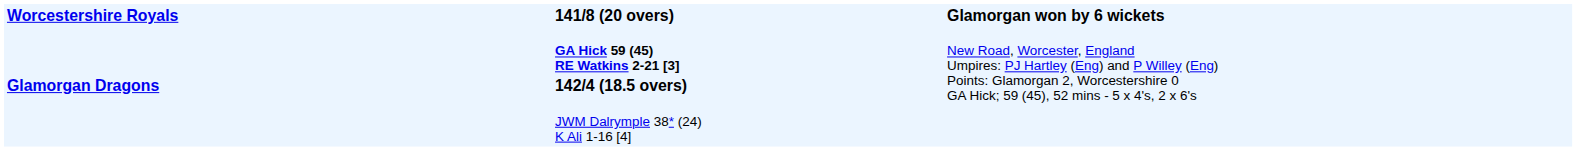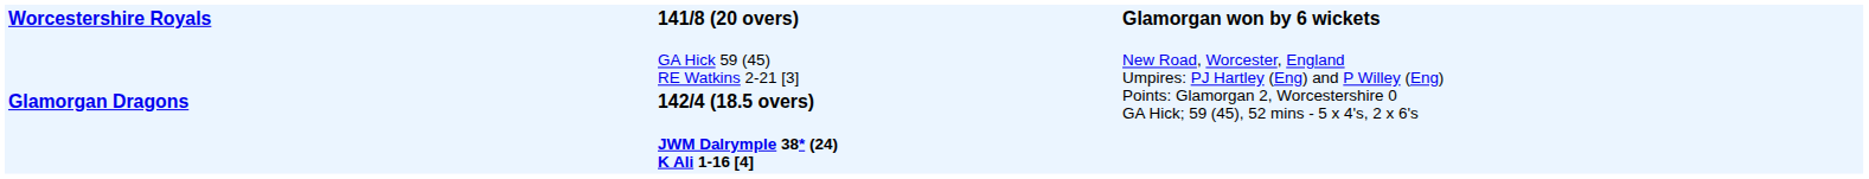 <table style="width:100%; background:#ebf5ff;">
 <tr>
 <td style="width:35%; vertical-align:top;" rowspan="2"><strong><a href='#'>Worcestershire Royals</a></strong></td>
 <td style="width:25%;"><strong>141/8 (20 overs)</strong></td>
 <td style="width:40%;"><strong>Glamorgan won by 6 wickets</strong></td>
 </tr>
 <tr>
-<td style="font-size: 85%;"><strong><br><a href='#'>GA Hick</a> 59 (45)<br> <a href='#'>RE Watkins</a> 2-21 [3]</strong></td>
+<td style="font-size: 85%;"><br><a href='#'>GA Hick</a> 59 (45)<br> <a href='#'>RE Watkins</a> 2-21 [3]</td>
 <td style="vertical-align:top; font-size:85%;" rowspan="3"><br><a href='#'>New Road</a>, <a href='#'>Worcester</a>, <a href='#'>England</a><br> Umpires: <a href='#'>PJ Hartley</a> (<a href='#'>Eng</a>) and <a href='#'>P Willey</a> (<a href='#'>Eng</a>)<br> Points: Glamorgan 2, Worcestershire 0<br>GA Hick; 59 (45), 52 mins - 5 x 4's, 2 x 6's</td>
 </tr>
 <tr>
 <td style="vertical-align:top;" rowspan="2"><strong><a href='#'>Glamorgan Dragons</a></strong></td>
 <td><strong>142/4 (18.5 overs)</strong></td>
 </tr>
 <tr>
-<td style="font-size: 85%;"><br><a href='#'>JWM Dalrymple</a> 38<a href='#'>*</a> (24)<br> <a href='#'>K Ali</a> 1-16 [4]</td>
+<td style="font-size: 85%;"><strong><br><a href='#'>JWM Dalrymple</a> 38<a href='#'>*</a> (24)<br> <a href='#'>K Ali</a> 1-16 [4]</strong></td>
 </tr>
 </table>
